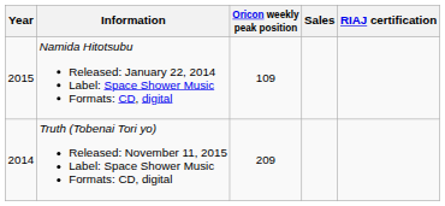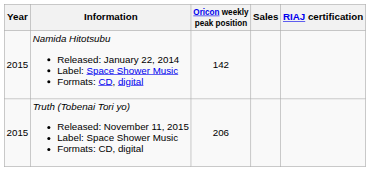 <table class="wikitable">
 <tr>
 <th>Year</th>
 <th>Information</th>
 <th><small><a href='#'>Oricon</a> weekly<br>peak position</small></th>
 <th>Sales</th>
 <th><a href='#'>RIAJ</a> certification</th>
 </tr>
 <tr>
 <td>2015</td>
 <td><em>Namida Hitotsubu</em><br><ul><li>Released: January 22, 2014</li><li>Label: <a href='#'>Space Shower Music</a></li><li>Formats: <a href='#'>CD</a>, <a href='#'>digital</a></li></ul></td>
-<td style="text-align:center;">109</td>
+<td style="text-align:center;">142</td>
 <td align="left"></td>
 <td align="left"></td>
 </tr>
 <tr>
-<td>2014</td>
+<td>2015</td>
 <td><em>Truth (Tobenai Tori yo)</em><br><ul><li>Released: November 11, 2015</li><li>Label: Space Shower Music</li><li>Formats: CD, digital</li></ul></td>
-<td style="text-align:center;">209</td>
+<td style="text-align:center;">206</td>
 <td align="left"></td>
 <td align="left"></td>
 </tr>
 </table>
